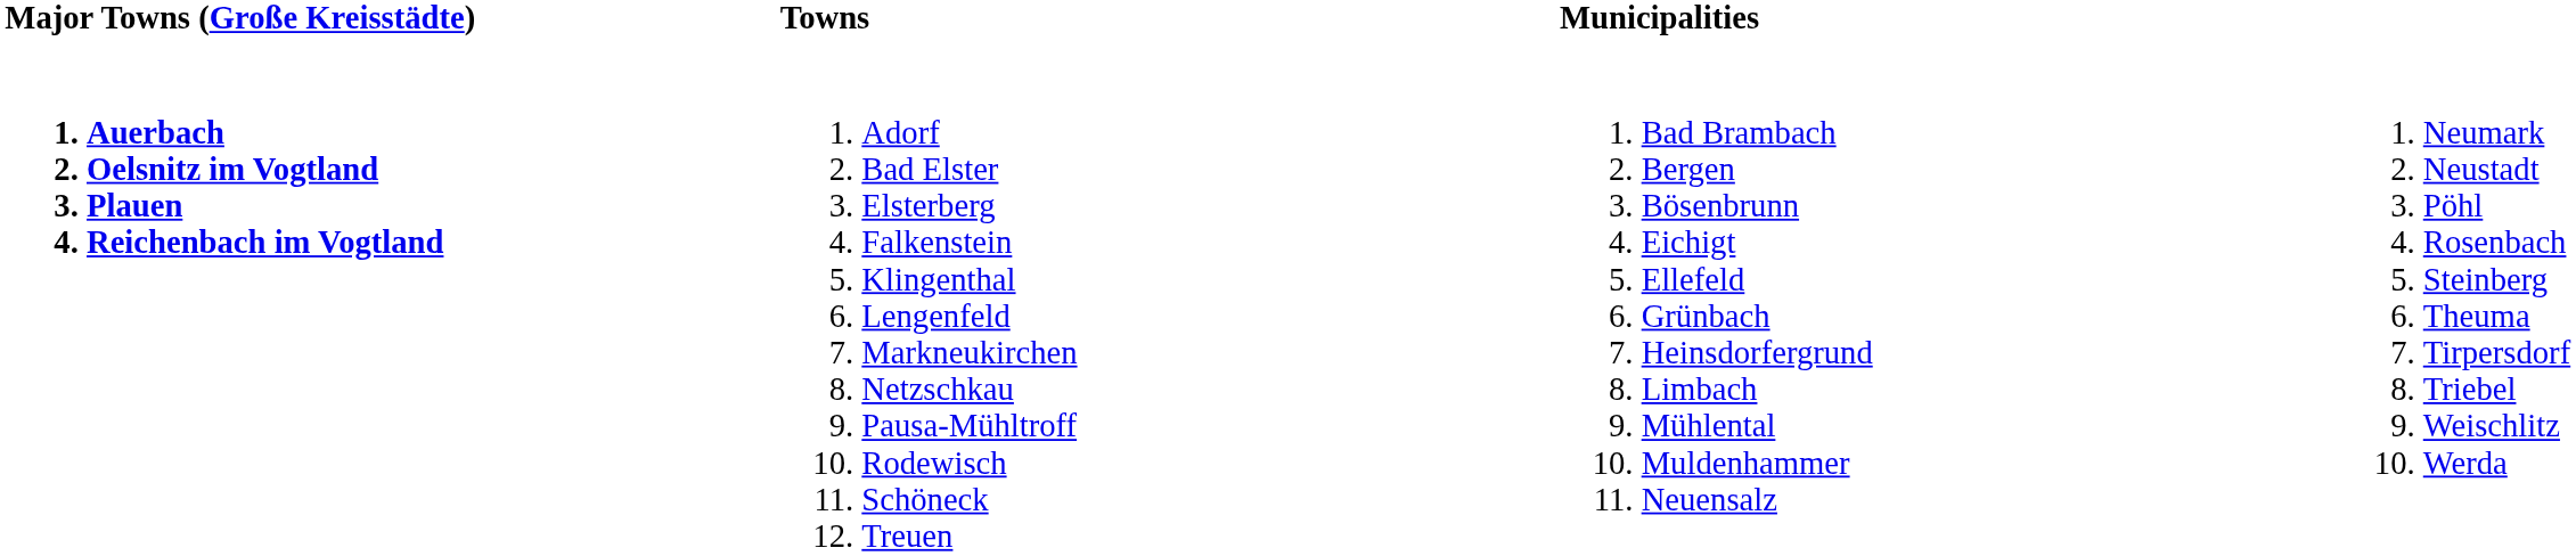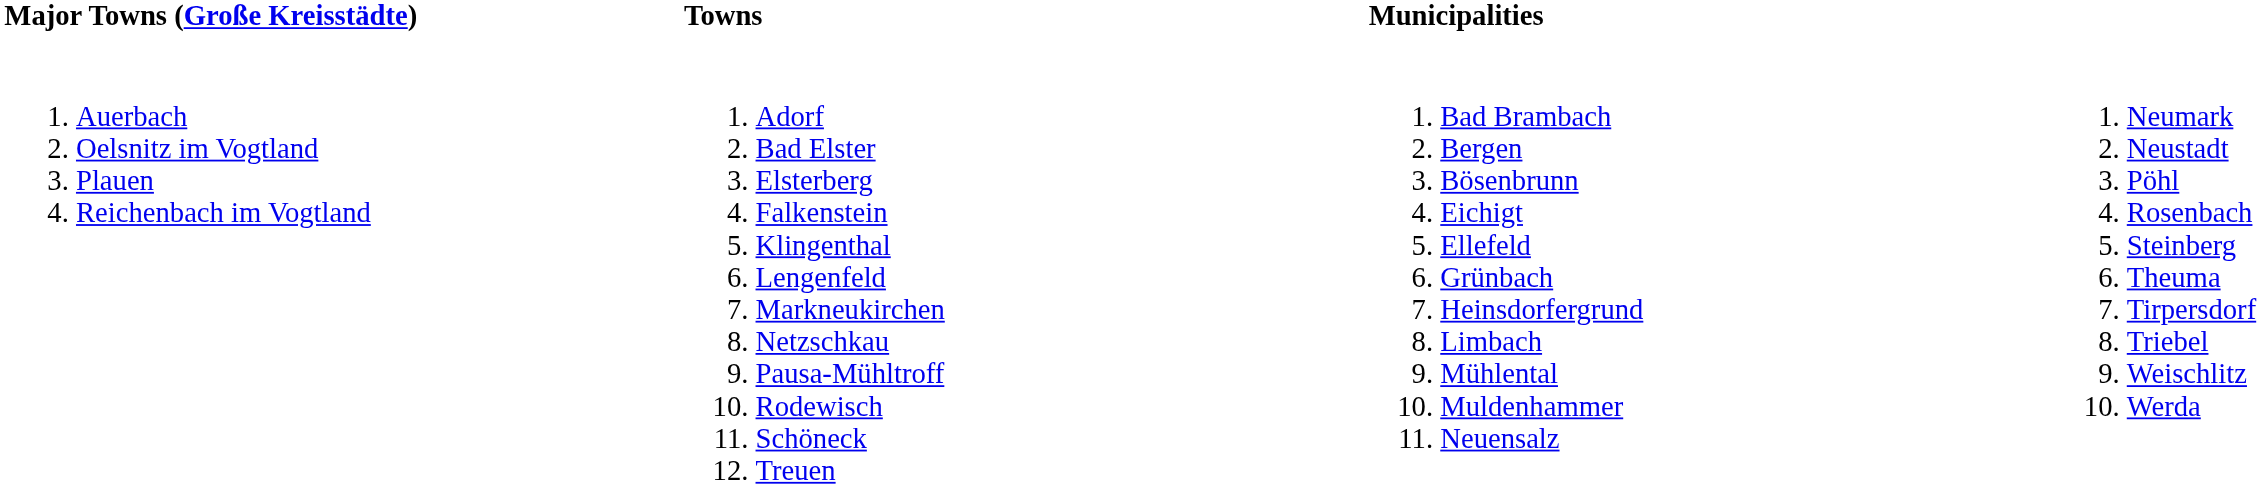 <table>
 <tr>
 <th align=left width=33%>Major Towns (<a href='#'>Große Kreisstädte</a>)</th>
 <th align=left width=33%>Towns</th>
 <th align=left width=33%>Municipalities</th>
 </tr>
 <tr valign=top>
-<td><strong><br><ol><li><a href='#'>Auerbach</a></li><li><a href='#'>Oelsnitz im Vogtland</a></li><li><a href='#'>Plauen</a></li><li><a href='#'>Reichenbach im Vogtland</a></li></ol></strong></td>
+<td><br><ol><li><a href='#'>Auerbach</a></li><li><a href='#'>Oelsnitz im Vogtland</a></li><li><a href='#'>Plauen</a></li><li><a href='#'>Reichenbach im Vogtland</a></li></ol></td>
 <td><br><ol><li><a href='#'>Adorf</a></li><li><a href='#'>Bad Elster</a></li><li><a href='#'>Elsterberg</a></li><li><a href='#'>Falkenstein</a></li><li><a href='#'>Klingenthal</a></li><li><a href='#'>Lengenfeld</a></li><li><a href='#'>Markneukirchen</a></li><li><a href='#'>Netzschkau</a></li><li><a href='#'>Pausa-Mühltroff</a></li><li><a href='#'>Rodewisch</a></li><li><a href='#'>Schöneck</a></li><li><a href='#'>Treuen</a></li></ol></td>
 <td><br><ol><li><a href='#'>Bad Brambach</a></li><li><a href='#'>Bergen</a></li><li><a href='#'>Bösenbrunn</a></li><li><a href='#'>Eichigt</a></li><li><a href='#'>Ellefeld</a></li><li><a href='#'>Grünbach</a></li><li><a href='#'>Heinsdorfergrund</a></li><li><a href='#'>Limbach</a></li><li><a href='#'>Mühlental</a></li><li><a href='#'>Muldenhammer</a></li><li><a href='#'>Neuensalz</a></li></ol></td>
 <td><br><ol> <li><a href='#'>Neumark</a> <li><a href='#'>Neustadt</a> <li><a href='#'>Pöhl</a> <li><a href='#'>Rosenbach</a> <li><a href='#'>Steinberg</a> <li><a href='#'>Theuma</a> <li><a href='#'>Tirpersdorf</a> <li><a href='#'>Triebel</a> <li><a href='#'>Weischlitz</a> <li><a href='#'>Werda</a> </ol></td>
 </tr>
 </table>
